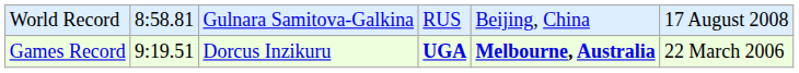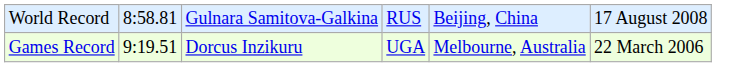 <table class="wikitable">
 <tr bgcolor = "ddeeff">
 <td>World Record</td>
 <td>8:58.81</td>
 <td><a href='#'>Gulnara Samitova-Galkina</a></td>
 <td><a href='#'>RUS</a></td>
 <td><a href='#'>Beijing</a>, <a href='#'>China</a></td>
 <td>17 August 2008</td>
 </tr>
 <tr bgcolor = "eeffdd">
 <td><a href='#'>Games Record</a></td>
 <td>9:19.51</td>
 <td><a href='#'>Dorcus Inzikuru</a></td>
-<td><strong><a href='#'>UGA</a></strong></td>
-<td><strong><a href='#'>Melbourne</a>, <a href='#'>Australia</a></strong></td>
+<td><a href='#'>UGA</a></td>
+<td><a href='#'>Melbourne</a>, <a href='#'>Australia</a></td>
 <td>22 March 2006</td>
 </tr>
 </table>
